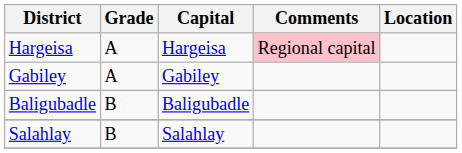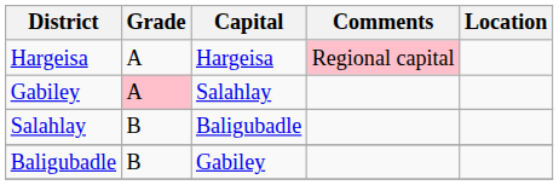 <table class="wikitable sortable">
 <tr>
 <th>District</th>
 <th>Grade</th>
 <th>Capital</th>
 <th>Comments</th>
 <th>Location</th>
 </tr>
 <tr>
 <td><a href='#'>Hargeisa</a></td>
 <td>A</td>
 <td><a href='#'>Hargeisa</a></td>
 <td style="background: pink;">Regional capital</td>
 <td></td>
 </tr>
 <tr>
 <td><a href='#'>Gabiley</a></td>
-<td>A</td>
-<td><a href='#'>Gabiley</a></td>
+<td style="background: pink;">A</td>
+<td><a href='#'>Salahlay</a></td>
+<td></td>
+<td></td>
+</tr>
+<tr>
+</tr>
+<tr>
+<td><a href='#'>Salahlay</a></td>
+<td>B</td>
+<td><a href='#'>Baligubadle</a></td>
 <td></td>
 <td></td>
 </tr>
 <tr>
 </tr>
 <tr>
 <td><a href='#'>Baligubadle</a></td>
 <td>B</td>
-<td><a href='#'>Baligubadle</a></td>
-<td></td>
-<td></td>
-</tr>
-<tr>
-</tr>
-<tr>
-<td><a href='#'>Salahlay</a></td>
-<td>B</td>
-<td><a href='#'>Salahlay</a></td>
+<td><a href='#'>Gabiley</a></td>
 <td></td>
 <td></td>
 </tr>
 <tr>
 </tr>
 </table>
